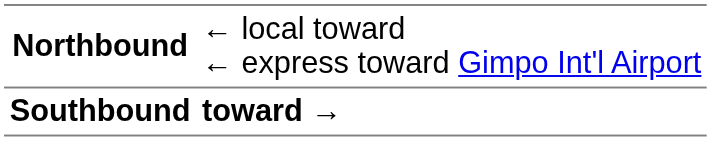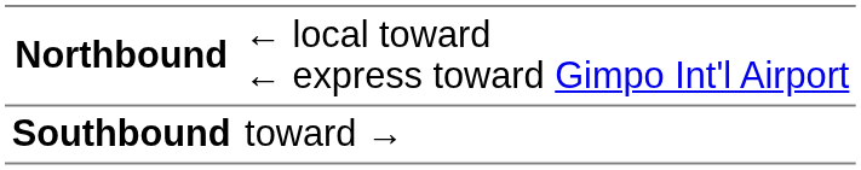 <table border="1" cellspacing="0" cellpadding="3" frame="hsides" rules="rows">
 <tr>
 <th><span>Northbound</span></th>
 <td>←  local toward <br>←  express toward <a href='#'>Gimpo Int'l Airport</a></td>
 </tr>
 <tr>
 <th><span>Southbound</span></th>
-<td><strong>  toward  →</strong></td>
+<td>  toward  →</td>
 </tr>
 </table>
